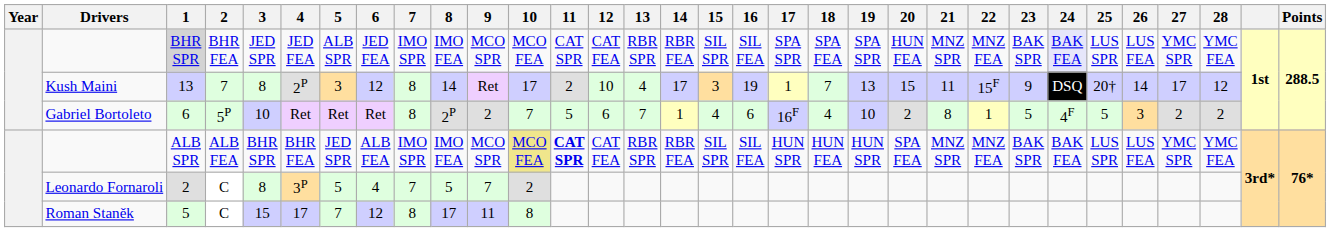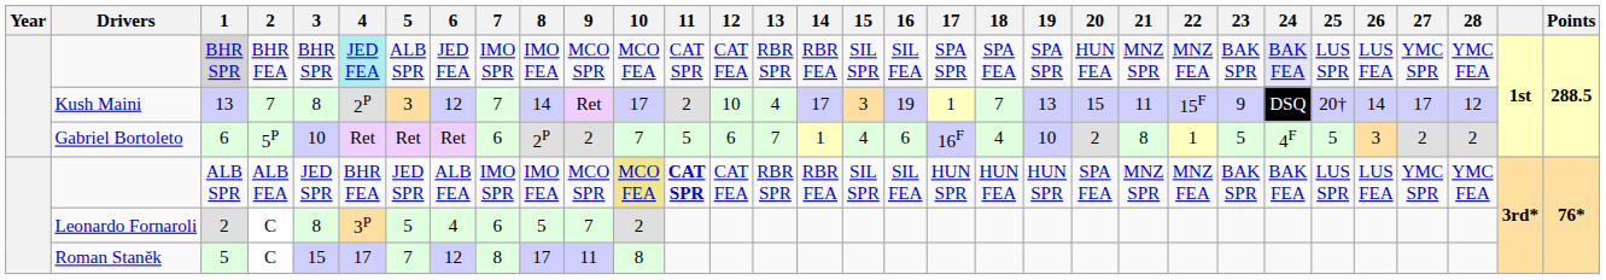 <table class="wikitable" style="text-align:center; font-size:85%;">
 <tr>
 <th>Year</th>
 <th>Drivers</th>
 <th>1</th>
 <th>2</th>
 <th>3</th>
 <th>4</th>
 <th>5</th>
 <th>6</th>
 <th>7</th>
 <th>8</th>
 <th>9</th>
 <th>10</th>
 <th>11</th>
 <th>12</th>
 <th>13</th>
 <th>14</th>
 <th>15</th>
 <th>16</th>
 <th>17</th>
 <th>18</th>
 <th>19</th>
 <th>20</th>
 <th>21</th>
 <th>22</th>
 <th>23</th>
 <th>24</th>
 <th>25</th>
 <th>26</th>
 <th>27</th>
 <th>28</th>
 <th></th>
 <th>Points</th>
 </tr>
 <tr>
 <th rowspan=3></th>
 <td></td>
 <td style="background: lightgrey;"><a href='#'>BHR<br>SPR</a></td>
 <td><a href='#'>BHR<br>FEA</a></td>
-<td><a href='#'>JED<br>SPR</a></td>
-<td><a href='#'>JED<br>FEA</a></td>
+<td><a href='#'>BHR<br>SPR</a></td>
+<td style="background: paleturquoise;"><a href='#'>JED<br>FEA</a></td>
 <td><a href='#'>ALB<br>SPR</a></td>
 <td><a href='#'>JED<br>FEA</a></td>
 <td><a href='#'>IMO<br>SPR</a></td>
 <td><a href='#'>IMO<br>FEA</a></td>
 <td><a href='#'>MCO<br>SPR</a></td>
 <td><a href='#'>MCO<br>FEA</a></td>
 <td><a href='#'>CAT<br>SPR</a></td>
 <td><a href='#'>CAT<br>FEA</a></td>
 <td><a href='#'>RBR<br>SPR</a></td>
 <td><a href='#'>RBR<br>FEA</a></td>
 <td><a href='#'>SIL<br>SPR</a></td>
 <td><a href='#'>SIL<br>FEA</a></td>
 <td><a href='#'>SPA<br>SPR</a></td>
 <td><a href='#'>SPA<br>FEA</a></td>
 <td><a href='#'>SPA<br>SPR</a></td>
 <td><a href='#'>HUN<br>FEA</a></td>
 <td><a href='#'>MNZ<br>SPR</a></td>
 <td><a href='#'>MNZ<br>FEA</a></td>
 <td><a href='#'>BAK<br>SPR</a></td>
 <td style="background: lavender;"><a href='#'>BAK<br>FEA</a></td>
 <td><a href='#'>LUS<br>SPR</a></td>
 <td><a href='#'>LUS<br>FEA</a></td>
 <td><a href='#'>YMC<br>SPR</a></td>
 <td><a href='#'>YMC<br>FEA</a></td>
 <th rowspan=3 style="background:#FFFFBF;">1st</th>
 <th rowspan=3 style="background:#FFFFBF;">288.5</th>
 </tr>
 <tr>
 <td align=left nowrap> <a href='#'>Kush Maini</a></td>
 <td style="background:#CFCFFF;">13</td>
 <td style="background:#DFFFDF;">7</td>
 <td style="background:#DFFFDF;">8</td>
 <td style="background:#DFDFDF;">2<span><sup>P</sup></span></td>
 <td style="background:#FFDF9F;">3</td>
 <td style="background:#CFCFFF;">12</td>
-<td style="background:#DFFFDF;">8</td>
+<td style="background:#DFFFDF;">7</td>
 <td style="background:#CFCFFF;">14</td>
 <td style="background:#EFCFFF;">Ret</td>
 <td style="background:#CFCFFF;">17</td>
 <td style="background:#DFDFDF;">2</td>
 <td style="background:#DFFFDF;">10</td>
 <td style="background:#DFFFDF;">4</td>
 <td style="background:#CFCFFF;">17</td>
 <td style="background:#FFDF9F;">3</td>
 <td style="background:#CFCFFF;">19</td>
 <td style="background:#FFFFBF;">1</td>
 <td style="background:#DFFFDF;">7</td>
 <td style="background:#CFCFFF;">13</td>
 <td style="background:#CFCFFF;">15</td>
 <td style="background:#CFCFFF;">11</td>
 <td style="background:#CFCFFF;">15<span><sup>F</sup></span></td>
 <td style="background:#CFCFFF;">9</td>
 <td style="background-color:#000000;color:white">DSQ</td>
 <td style="background:#CFCFFF;">20†</td>
 <td style="background:#CFCFFF;">14</td>
 <td style="background:#CFCFFF;">17</td>
 <td style="background:#CFCFFF;">12</td>
 </tr>
 <tr>
 <td align=left nowrap> <a href='#'>Gabriel Bortoleto</a></td>
 <td style="background:#DFFFDF;">6</td>
 <td style="background:#DFFFDF;">5<span><sup>P</sup></span></td>
 <td style="background:#CFCFFF;">10</td>
 <td style="background:#EFCFFF;">Ret</td>
 <td style="background:#EFCFFF;">Ret</td>
 <td style="background:#EFCFFF;">Ret</td>
-<td style="background:#DFFFDF;">8</td>
+<td style="background:#DFFFDF;">6</td>
 <td style="background:#DFDFDF;">2<span><sup>P</sup></span></td>
 <td style="background:#DFDFDF;">2</td>
 <td style="background:#DFFFDF;">7</td>
 <td style="background:#DFFFDF;">5</td>
 <td style="background:#DFFFDF;">6</td>
 <td style="background:#DFFFDF;">7</td>
 <td style="background:#FFFFBF;">1</td>
 <td style="background:#DFFFDF;">4</td>
 <td style="background:#DFFFDF;">6</td>
 <td style="background:#CFCFFF;">16<span><sup>F</sup></span></td>
 <td style="background:#DFFFDF;">4</td>
 <td style="background:#CFCFFF;">10</td>
 <td style="background:#DFDFDF;">2</td>
 <td style="background:#DFFFDF;">8</td>
 <td style="background:#FFFFBF;">1</td>
 <td style="background:#DFFFDF;">5</td>
 <td style="background:#DFFFDF;">4<span><sup>F</sup></span></td>
 <td style="background:#DFFFDF;">5</td>
 <td style="background:#FFDF9F;">3</td>
 <td style="background:#DFDFDF;">2</td>
 <td style="background:#DFDFDF;">2</td>
 </tr>
 <tr>
 <th rowspan=3></th>
 <td></td>
 <td><a href='#'>ALB<br>SPR</a></td>
 <td><a href='#'>ALB<br>FEA</a></td>
-<td><a href='#'>BHR<br>SPR</a></td>
+<td><a href='#'>JED<br>SPR</a></td>
 <td><a href='#'>BHR<br>FEA</a></td>
 <td><a href='#'>JED<br>SPR</a></td>
 <td><a href='#'>ALB<br>FEA</a></td>
 <td><a href='#'>IMO<br>SPR</a></td>
 <td><a href='#'>IMO<br>FEA</a></td>
 <td><a href='#'>MCO<br>SPR</a></td>
 <td style="background: khaki;"><a href='#'>MCO<br>FEA</a></td>
 <td><strong><a href='#'>CAT<br>SPR</a></strong></td>
 <td><a href='#'>CAT<br>FEA</a></td>
 <td><a href='#'>RBR<br>SPR</a></td>
 <td><a href='#'>RBR<br>FEA</a></td>
 <td><a href='#'>SIL<br>SPR</a></td>
 <td><a href='#'>SIL<br>FEA</a></td>
 <td><a href='#'>HUN<br>SPR</a></td>
 <td><a href='#'>HUN<br>FEA</a></td>
 <td><a href='#'>HUN<br>SPR</a></td>
 <td><a href='#'>SPA<br>FEA</a></td>
 <td><a href='#'>MNZ<br>SPR</a></td>
 <td><a href='#'>MNZ<br>FEA</a></td>
 <td><a href='#'>BAK<br>SPR</a></td>
 <td><a href='#'>BAK<br>FEA</a></td>
 <td><a href='#'>LUS<br>SPR</a></td>
 <td><a href='#'>LUS<br>FEA</a></td>
 <td><a href='#'>YMC<br>SPR</a></td>
 <td><a href='#'>YMC<br>FEA</a></td>
 <th rowspan=3 style="background:#FFDF9F;">3rd*</th>
 <th rowspan=3 style="background:#FFDF9F;">76*</th>
 </tr>
 <tr>
 <td align=left nowrap> <a href='#'>Leonardo Fornaroli</a></td>
 <td style="background:#DFDFDF;">2</td>
 <td style="background:#FFFFFF;">C</td>
 <td style="background:#DFFFDF;">8</td>
 <td style="background:#FFDF9F;">3<span><sup>P</sup></span></td>
 <td style="background:#DFFFDF;">5</td>
 <td style="background:#DFFFDF;">4</td>
-<td style="background:#DFFFDF;">7</td>
+<td style="background:#DFFFDF;">6</td>
 <td style="background:#DFFFDF;">5</td>
 <td style="background:#DFFFDF;">7</td>
 <td style="background:#DFDFDF;">2</td>
 <td></td>
 <td></td>
 <td></td>
 <td></td>
 <td></td>
 <td></td>
 <td></td>
 <td></td>
 <td></td>
 <td></td>
 <td></td>
 <td></td>
 <td></td>
 <td></td>
 <td></td>
 <td></td>
 <td></td>
 <td></td>
 </tr>
 <tr>
 <td align=left nowrap> <a href='#'>Roman Staněk</a></td>
 <td style="background:#DFFFDF;">5</td>
 <td style="background:#FFFFFF;">C</td>
 <td style="background:#CFCFFF;">15</td>
 <td style="background:#CFCFFF;">17</td>
 <td style="background:#DFFFDF;">7</td>
 <td style="background:#CFCFFF;">12</td>
 <td style="background:#DFFFDF;">8</td>
 <td style="background:#CFCFFF;">17</td>
 <td style="background:#CFCFFF;">11</td>
 <td style="background:#DFFFDF;">8</td>
 <td></td>
 <td></td>
 <td></td>
 <td></td>
 <td></td>
 <td></td>
 <td></td>
 <td></td>
 <td></td>
 <td></td>
 <td></td>
 <td></td>
 <td></td>
 <td></td>
 <td></td>
 <td></td>
 <td></td>
 <td></td>
 </tr>
 </table>
